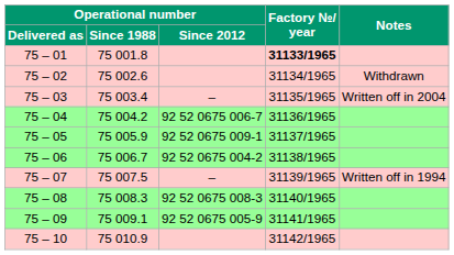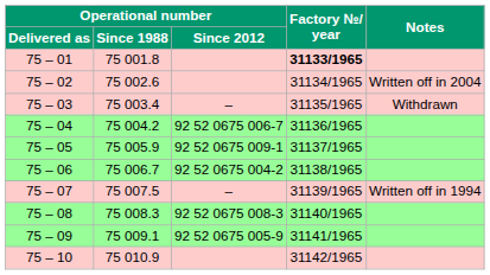 <table class="wikitable" style=text-align:center>
 <tr>
 <th style="color:white; background:#00966E" colspan="3">Operational number</th>
 <th style="color:white; background:#00966E" rowspan="2">Factory №/<br>year</th>
 <th style="color:white; background:#00966E" rowspan="2">Notes</th>
 </tr>
 <tr>
 <th style="color:white; background:#00966E">Delivered as</th>
 <th style="color:white; background:#00966E">Since 1988</th>
 <th style="color:white; background:#00966E">Since 2012</th>
 </tr>
 <tr style="background:#ffcccc; color:black">
 <td>75 – 01</td>
 <td>75 001.8</td>
 <td></td>
 <td><strong>31133/1965</strong></td>
 <td></td>
 </tr>
 <tr style="background:#ffcccc; color:black">
 <td>75 – 02</td>
 <td>75 002.6</td>
 <td></td>
 <td>31134/1965</td>
-<td>Withdrawn</td>
+<td>Written off in 2004</td>
 </tr>
 <tr style="background:#ffcccc; color:black">
 <td>75 – 03</td>
 <td>75 003.4</td>
 <td>–</td>
 <td>31135/1965</td>
-<td>Written off in 2004</td>
+<td>Withdrawn</td>
 </tr>
 <tr style="background:#98ff98; color:black">
 <td>75 – 04</td>
 <td>75 004.2</td>
 <td>92 52 0675 006-7</td>
 <td>31136/1965</td>
 <td></td>
 </tr>
 <tr style="background:#98ff98; color:black">
 <td>75 – 05</td>
 <td>75 005.9</td>
 <td>92 52 0675 009-1</td>
 <td>31137/1965</td>
 <td></td>
 </tr>
 <tr style="background:#98ff98; color:black">
 <td>75 – 06</td>
 <td>75 006.7</td>
 <td>92 52 0675 004-2</td>
 <td>31138/1965</td>
 <td></td>
 </tr>
 <tr style="background:#ffcccc; color:black">
 <td>75 – 07</td>
 <td>75 007.5</td>
 <td>–</td>
 <td>31139/1965</td>
 <td>Written off in 1994</td>
 </tr>
 <tr style="background:#98ff98; color:black">
 <td>75 – 08</td>
 <td>75 008.3</td>
 <td>92 52 0675 008-3</td>
 <td>31140/1965</td>
 <td></td>
 </tr>
 <tr style="background:#98ff98; color:black">
 <td>75 – 09</td>
 <td>75 009.1</td>
 <td>92 52 0675 005-9</td>
 <td>31141/1965</td>
 <td></td>
 </tr>
 <tr style="background:#ffcccc; color:black">
 <td>75 – 10</td>
 <td>75 010.9</td>
 <td></td>
 <td>31142/1965</td>
 <td></td>
 </tr>
 </table>
